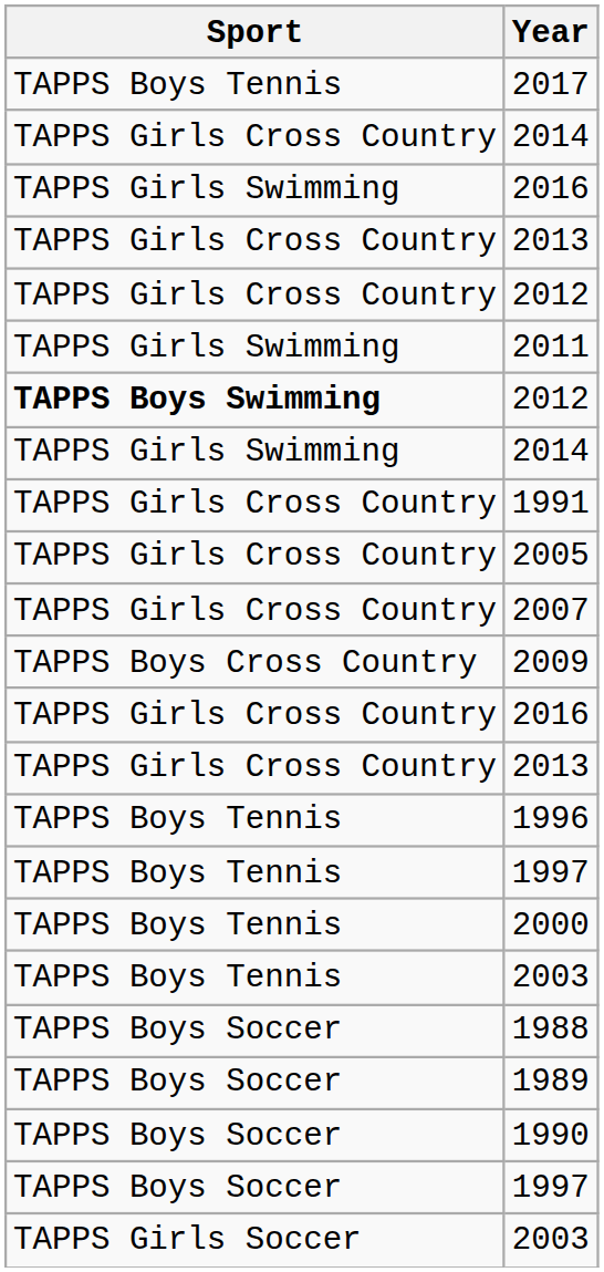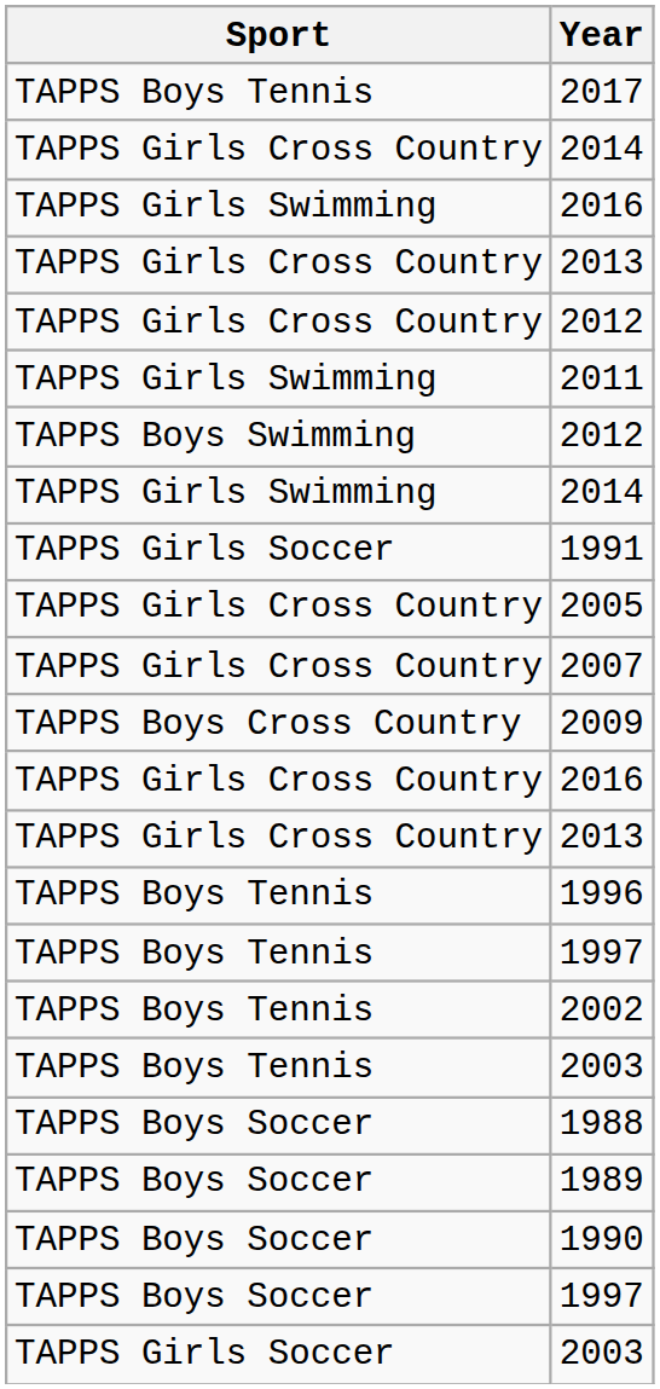 <table class="wikitable">
 <tr>
 <th>Sport</th>
 <th>Year</th>
 </tr>
 <tr>
 <td>TAPPS Boys Tennis</td>
 <td>2017</td>
 </tr>
 <tr>
 <td>TAPPS Girls Cross Country</td>
 <td>2014</td>
 </tr>
 <tr>
 <td>TAPPS Girls Swimming</td>
 <td>2016</td>
 </tr>
 <tr>
 <td>TAPPS Girls Cross Country</td>
 <td>2013</td>
 </tr>
 <tr>
 <td>TAPPS Girls Cross Country</td>
 <td>2012</td>
 </tr>
 <tr>
 <td>TAPPS Girls Swimming</td>
 <td>2011</td>
 </tr>
 <tr>
-<td><strong>TAPPS Boys Swimming</strong></td>
+<td>TAPPS Boys Swimming</td>
 <td>2012</td>
 </tr>
 <tr>
 <td>TAPPS Girls Swimming</td>
 <td>2014</td>
 </tr>
 <tr>
-<td>TAPPS Girls Cross Country</td>
+<td>TAPPS Girls Soccer</td>
 <td>1991</td>
 </tr>
 <tr>
 <td>TAPPS Girls Cross Country</td>
 <td>2005</td>
 </tr>
 <tr>
 <td>TAPPS Girls Cross Country</td>
 <td>2007</td>
 </tr>
 <tr>
 <td>TAPPS Boys Cross Country</td>
 <td>2009</td>
 </tr>
 <tr>
 <td>TAPPS Girls Cross Country</td>
 <td>2016</td>
 </tr>
 <tr>
 <td>TAPPS Girls Cross Country</td>
 <td>2013</td>
 </tr>
 <tr>
 <td>TAPPS Boys Tennis</td>
 <td>1996</td>
 </tr>
 <tr>
 <td>TAPPS Boys Tennis</td>
 <td>1997</td>
 </tr>
 <tr>
 <td>TAPPS Boys Tennis</td>
-<td>2000</td>
+<td>2002</td>
 </tr>
 <tr>
 <td>TAPPS Boys Tennis</td>
 <td>2003</td>
 </tr>
 <tr>
 <td>TAPPS Boys Soccer</td>
 <td>1988</td>
 </tr>
 <tr>
 <td>TAPPS Boys Soccer</td>
 <td>1989</td>
 </tr>
 <tr>
 <td>TAPPS Boys Soccer</td>
 <td>1990</td>
 </tr>
 <tr>
 <td>TAPPS Boys Soccer</td>
 <td>1997</td>
 </tr>
 <tr>
 <td>TAPPS Girls Soccer</td>
 <td>2003</td>
 </tr>
 </table>
